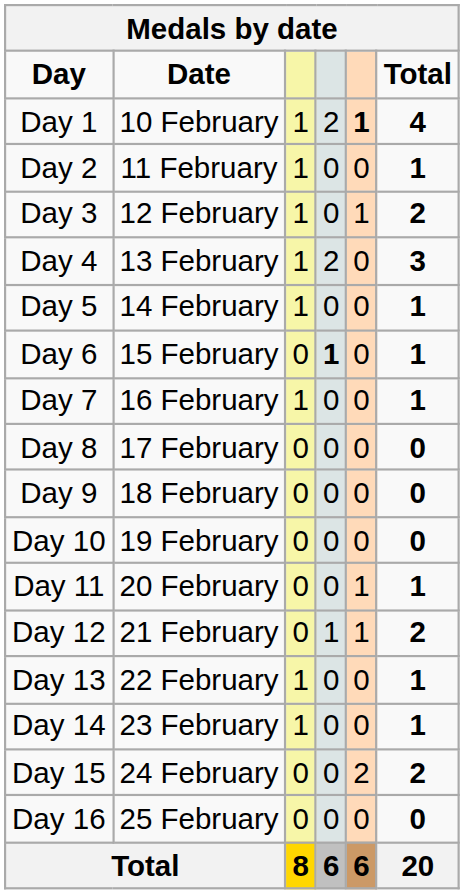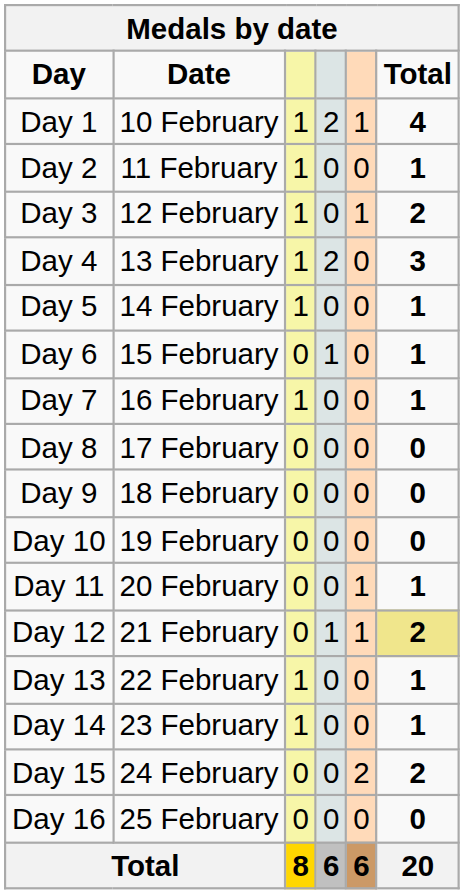 <table class=wikitable style="font-size:85%">
 <tr bgcolor=efefef>
 <th colspan=6><strong>Medals by date</strong></th>
 </tr>
 <tr align=center>
 <td><strong>Day</strong></td>
 <td><strong>Date</strong></td>
 <td bgcolor=#f7f6a8></td>
 <td bgcolor=#dce5e5></td>
 <td bgcolor=#ffdab9></td>
 <td><strong>Total</strong></td>
 </tr>
 <tr align=center>
 <td>Day 1</td>
 <td>10 February</td>
 <td bgcolor=F7F6A8>1</td>
 <td bgcolor=DCE5E5>2</td>
-<td bgcolor=FFDAB9><strong>1</strong></td>
+<td bgcolor=FFDAB9>1</td>
 <td><strong>4</strong></td>
 </tr>
 <tr align=center>
 <td>Day 2</td>
 <td>11 February</td>
 <td bgcolor=F7F6A8>1</td>
 <td bgcolor=DCE5E5>0</td>
 <td bgcolor=FFDAB9>0</td>
 <td><strong>1</strong></td>
 </tr>
 <tr align=center>
 <td>Day 3</td>
 <td>12 February</td>
 <td bgcolor=F7F6A8>1</td>
 <td bgcolor=DCE5E5>0</td>
 <td bgcolor=FFDAB9>1</td>
 <td><strong>2</strong></td>
 </tr>
 <tr align=center>
 <td>Day 4</td>
 <td>13 February</td>
 <td bgcolor=F7F6A8>1</td>
 <td bgcolor=DCE5E5>2</td>
 <td bgcolor=FFDAB9>0</td>
 <td><strong>3</strong></td>
 </tr>
 <tr align=center>
 <td>Day 5</td>
 <td>14 February</td>
 <td bgcolor=F7F6A8>1</td>
 <td bgcolor=DCE5E5>0</td>
 <td bgcolor=FFDAB9>0</td>
 <td><strong>1</strong></td>
 </tr>
 <tr align=center>
 <td>Day 6</td>
 <td>15 February</td>
 <td bgcolor=F7F6A8>0</td>
-<td bgcolor=DCE5E5><strong>1</strong></td>
+<td bgcolor=DCE5E5>1</td>
 <td bgcolor=FFDAB9>0</td>
 <td><strong>1</strong></td>
 </tr>
 <tr align=center>
 <td>Day 7</td>
 <td>16 February</td>
 <td bgcolor=F7F6A8>1</td>
 <td bgcolor=DCE5E5>0</td>
 <td bgcolor=FFDAB9>0</td>
 <td><strong>1</strong></td>
 </tr>
 <tr align=center>
 <td>Day 8</td>
 <td>17 February</td>
 <td bgcolor=F7F6A8>0</td>
 <td bgcolor=DCE5E5>0</td>
 <td bgcolor=FFDAB9>0</td>
 <td><strong>0</strong></td>
 </tr>
 <tr align=center>
 <td>Day 9</td>
 <td>18 February</td>
 <td bgcolor=F7F6A8>0</td>
 <td bgcolor=DCE5E5>0</td>
 <td bgcolor=FFDAB9>0</td>
 <td><strong>0</strong></td>
 </tr>
 <tr align=center>
 <td>Day 10</td>
 <td>19 February</td>
 <td bgcolor=F7F6A8>0</td>
 <td bgcolor=DCE5E5>0</td>
 <td bgcolor=FFDAB9>0</td>
 <td><strong>0</strong></td>
 </tr>
 <tr align=center>
 <td>Day 11</td>
 <td>20 February</td>
 <td bgcolor=F7F6A8>0</td>
 <td bgcolor=DCE5E5>0</td>
 <td bgcolor=FFDAB9>1</td>
 <td><strong>1</strong></td>
 </tr>
 <tr align=center>
 <td>Day 12</td>
 <td>21 February</td>
 <td bgcolor=F7F6A8>0</td>
 <td bgcolor=DCE5E5>1</td>
 <td bgcolor=FFDAB9>1</td>
-<td><strong>2</strong></td>
+<td style="background: khaki;"><strong>2</strong></td>
 </tr>
 <tr align=center>
 <td>Day 13</td>
 <td>22 February</td>
 <td bgcolor=F7F6A8>1</td>
 <td bgcolor=DCE5E5>0</td>
 <td bgcolor=FFDAB9>0</td>
 <td><strong>1</strong></td>
 </tr>
 <tr align=center>
 <td>Day 14</td>
 <td>23 February</td>
 <td bgcolor=F7F6A8>1</td>
 <td bgcolor=DCE5E5>0</td>
 <td bgcolor=FFDAB9>0</td>
 <td><strong>1</strong></td>
 </tr>
 <tr align=center>
 <td>Day 15</td>
 <td>24 February</td>
 <td bgcolor=F7F6A8>0</td>
 <td bgcolor=DCE5E5>0</td>
 <td bgcolor=FFDAB9>2</td>
 <td><strong>2</strong></td>
 </tr>
 <tr align=center>
 <td>Day 16</td>
 <td>25 February</td>
 <td bgcolor=F7F6A8>0</td>
 <td bgcolor=DCE5E5>0</td>
 <td bgcolor=FFDAB9>0</td>
 <td><strong>0</strong></td>
 </tr>
 <tr align=center>
 <th colspan=2><strong>Total</strong></th>
 <th style="background:gold"><strong>8</strong></th>
 <th style="background:silver"><strong>6</strong></th>
 <th style="background:#c96"><strong>6</strong></th>
 <th><strong>20</strong></th>
 </tr>
 </table>
